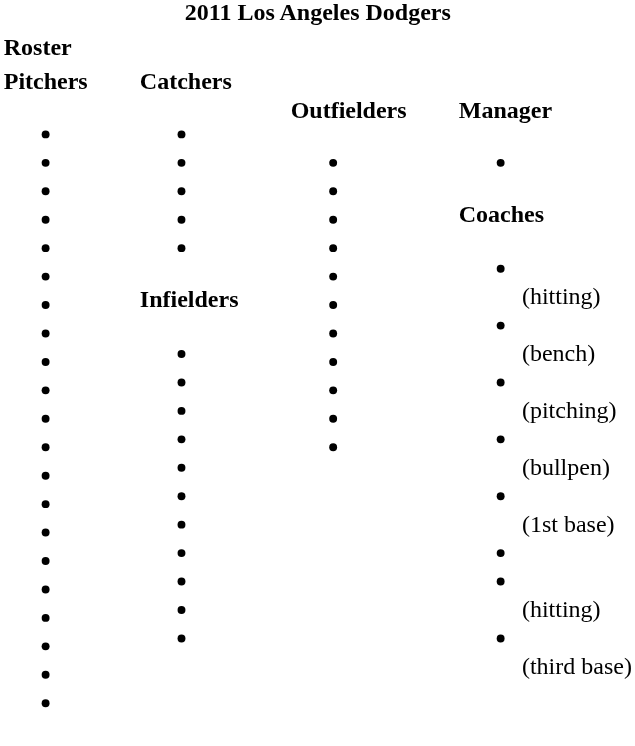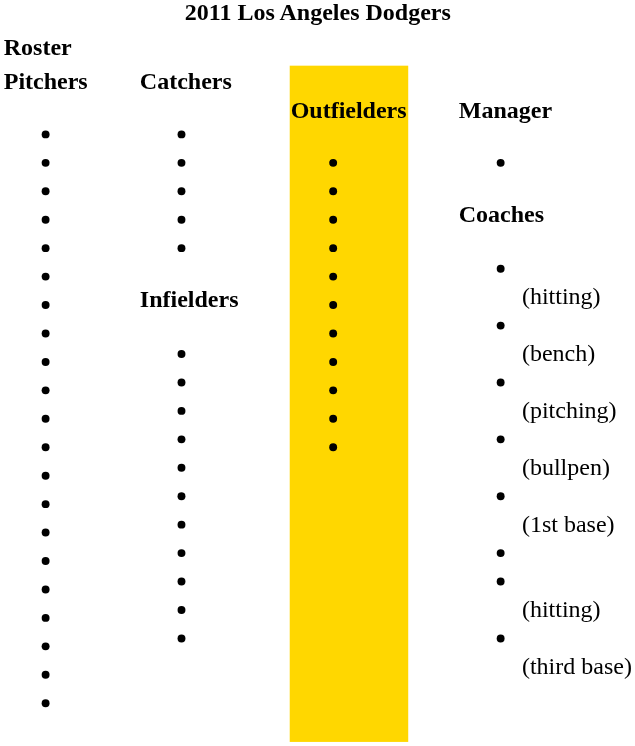 <table class="toccolours" style="font-size: 95%;">
 <tr>
 <th colspan="10">2011 Los Angeles Dodgers</th>
 </tr>
 <tr>
 <td colspan="10"><strong>Roster</strong></td>
 </tr>
 <tr>
 <td valign="top"><strong>Pitchers</strong><br><ul><li></li><li></li><li></li><li></li><li></li><li></li><li></li><li></li><li></li><li></li><li></li><li></li><li></li><li></li><li></li><li></li><li></li><li></li><li></li><li></li><li></li></ul></td>
 <td width="25px"></td>
 <td valign="top"><strong>Catchers</strong><br><ul><li></li><li></li><li></li><li></li><li></li></ul><strong>Infielders</strong><ul><li></li><li></li><li></li><li></li><li></li><li></li><li></li><li></li><li></li><li></li><li></li></ul></td>
 <td width="25px"></td>
-<td valign="top"><br><strong>Outfielders</strong><ul><li></li><li></li><li></li><li></li><li></li><li></li><li></li><li></li><li></li><li></li><li></li></ul></td>
+<td valign="top" style="background: gold;"><br><strong>Outfielders</strong><ul><li></li><li></li><li></li><li></li><li></li><li></li><li></li><li></li><li></li><li></li><li></li></ul></td>
 <td width="25px"></td>
 <td valign="top"><br><strong>Manager</strong><ul><li></li></ul><strong>Coaches</strong><ul><li> <br>(hitting)</li><li> <br>(bench)</li><li><br> (pitching)</li><li> <br>(bullpen)</li><li> <br>(1st base)</li><li></li><li> <br>(hitting)</li><li> <br> (third base)</li></ul></td>
 </tr>
 </table>
